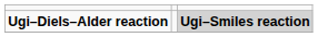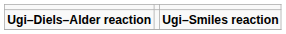 <table align="center"  class="wikitable">
 <tr>
 <td></td>
 <td></td>
 <td></td>
 </tr>
 <tr>
 <td><strong>Ugi–Diels–Alder reaction</strong></td>
 <td></td>
-<td style="background: lightgrey;"><strong>Ugi–Smiles reaction</strong></td>
+<td><strong>Ugi–Smiles reaction</strong></td>
 </tr>
 <tr>
 </tr>
 </table>
